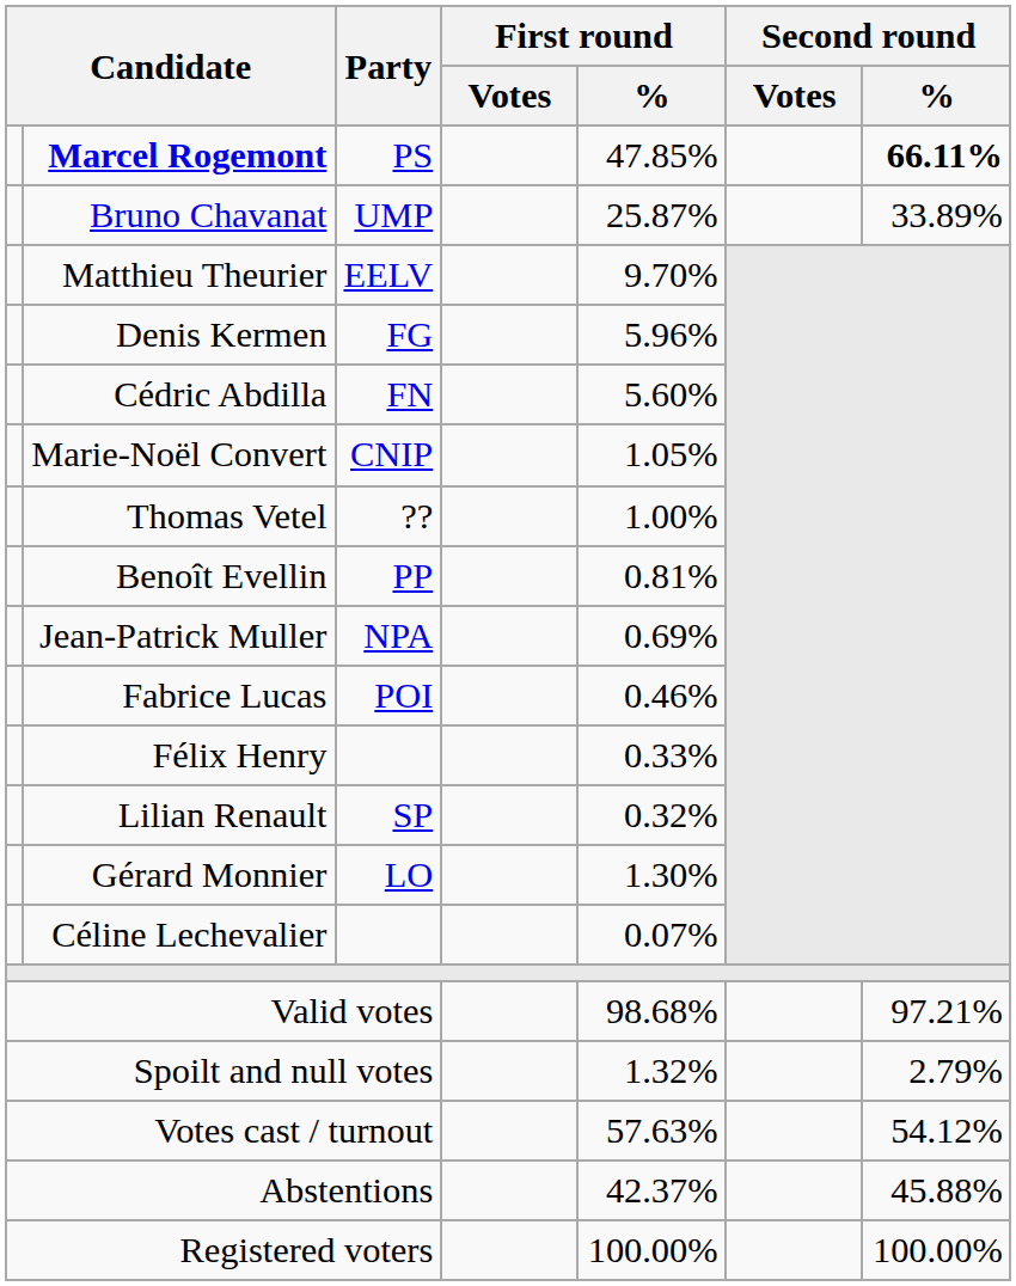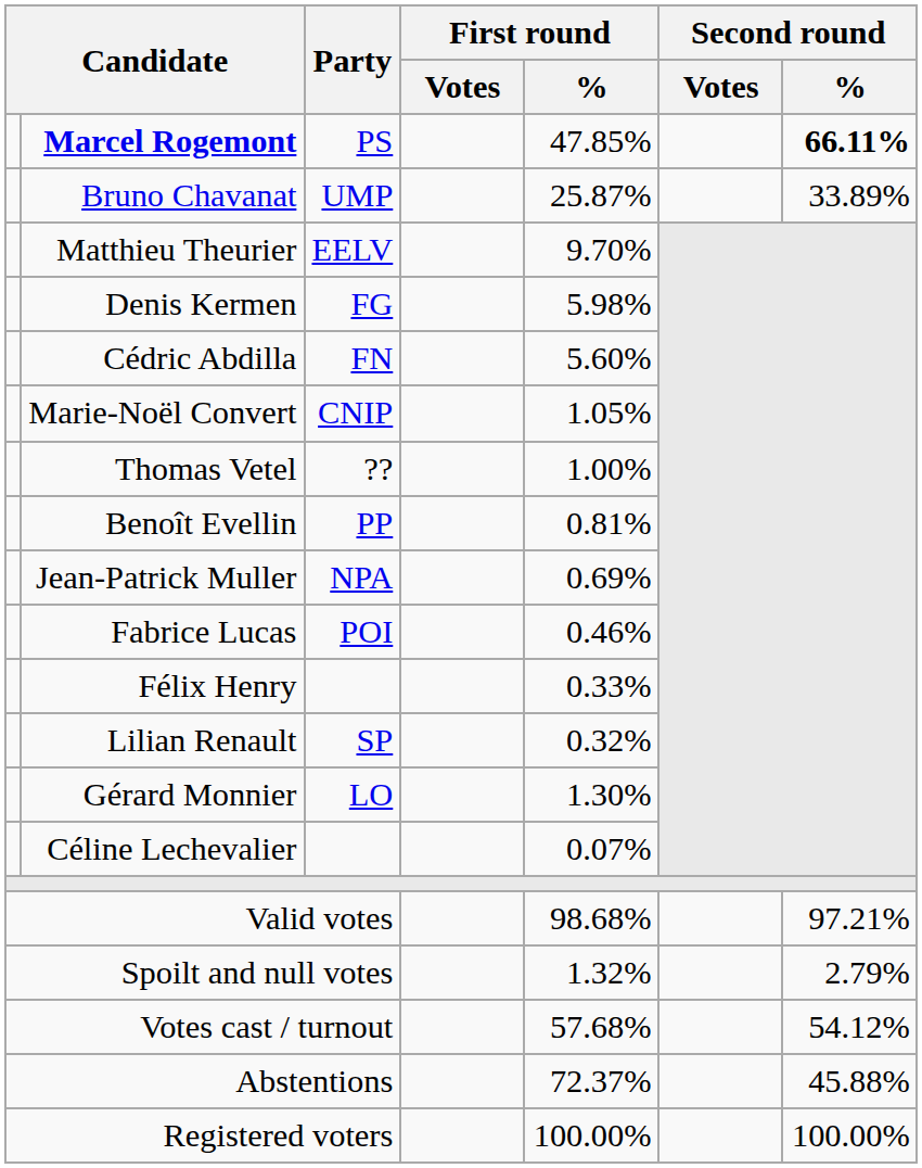 <table class="wikitable" style="text-align:right;font-size:95%;">
 <tr>
 <th rowspan=2 colspan=2>Candidate</th>
 <th rowspan=2 colspan=1>Party</th>
 <th colspan=2>First round</th>
 <th colspan=2>Second round</th>
 </tr>
 <tr>
 <th style="width:50px;">Votes</th>
 <th style="width:55px;">%</th>
 <th style="width:50px;">Votes</th>
 <th style="width:55px;">%</th>
 </tr>
 <tr>
 <td style="color:inherit;background-color:"></td>
 <td><strong><a href='#'>Marcel Rogemont</a></strong></td>
 <td><a href='#'>PS</a></td>
 <td></td>
 <td>47.85%</td>
 <td><strong></strong></td>
 <td><strong>66.11%</strong></td>
 </tr>
 <tr>
 <td style="color:inherit;background-color:"></td>
 <td><a href='#'>Bruno Chavanat</a></td>
 <td><a href='#'>UMP</a></td>
 <td></td>
 <td>25.87%</td>
 <td></td>
 <td>33.89%</td>
 </tr>
 <tr>
 <td style="color:inherit;background-color:"></td>
 <td>Matthieu Theurier</td>
 <td><a href='#'>EELV</a></td>
 <td></td>
 <td>9.70%</td>
 <td colspan=7 rowspan=12 style="background-color:#E9E9E9;"></td>
 </tr>
 <tr>
 <td style="color:inherit;background-color:"></td>
 <td>Denis Kermen</td>
 <td><a href='#'>FG</a></td>
 <td></td>
-<td>5.96%</td>
+<td>5.98%</td>
 </tr>
 <tr>
 <td style="color:inherit;background-color:"></td>
 <td>Cédric Abdilla</td>
 <td><a href='#'>FN</a></td>
 <td></td>
 <td>5.60%</td>
 </tr>
 <tr>
 <td style="color:inherit;background-color:"></td>
 <td>Marie-Noël Convert</td>
 <td><a href='#'>CNIP</a></td>
 <td></td>
 <td>1.05%</td>
 </tr>
 <tr>
 <td style="background-color:;"></td>
 <td>Thomas Vetel</td>
 <td>??</td>
 <td></td>
 <td>1.00%</td>
 </tr>
 <tr>
 <td style="color:inherit;background-color:"></td>
 <td>Benoît Evellin</td>
 <td><a href='#'>PP</a></td>
 <td></td>
 <td>0.81%</td>
 </tr>
 <tr>
 <td style="color:inherit;background-color:"></td>
 <td>Jean-Patrick Muller</td>
 <td><a href='#'>NPA</a></td>
 <td></td>
 <td>0.69%</td>
 </tr>
 <tr>
 <td style="color:inherit;background-color:"></td>
 <td>Fabrice Lucas</td>
 <td><a href='#'>POI</a></td>
 <td></td>
 <td>0.46%</td>
 </tr>
 <tr>
 <td style="background-color:;"></td>
 <td>Félix Henry</td>
 <td></td>
 <td></td>
 <td>0.33%</td>
 </tr>
 <tr>
 <td style="color:inherit;background-color:"></td>
 <td>Lilian Renault</td>
 <td><a href='#'>SP</a></td>
 <td></td>
 <td>0.32%</td>
 </tr>
 <tr>
 <td style="color:inherit;background-color:"></td>
 <td>Gérard Monnier</td>
 <td><a href='#'>LO</a></td>
 <td></td>
 <td>1.30%</td>
 </tr>
 <tr>
 <td style="color:inherit;background-color:"></td>
 <td>Céline Lechevalier</td>
 <td></td>
 <td></td>
 <td>0.07%</td>
 </tr>
 <tr>
 <td colspan=7 style="background-color:#E9E9E9;"></td>
 </tr>
 <tr>
 <td colspan=3>Valid votes</td>
 <td></td>
 <td>98.68%</td>
 <td></td>
 <td>97.21%</td>
 </tr>
 <tr>
 <td colspan=3>Spoilt and null votes</td>
 <td></td>
 <td>1.32%</td>
 <td></td>
 <td>2.79%</td>
 </tr>
 <tr>
 <td colspan=3>Votes cast / turnout</td>
 <td></td>
-<td>57.63%</td>
+<td>57.68%</td>
 <td></td>
 <td>54.12%</td>
 </tr>
 <tr>
 <td colspan=3>Abstentions</td>
 <td></td>
-<td>42.37%</td>
+<td>72.37%</td>
 <td></td>
 <td>45.88%</td>
 </tr>
 <tr>
 <td colspan=3>Registered voters</td>
 <td></td>
 <td>100.00%</td>
 <td></td>
 <td>100.00%</td>
 </tr>
 </table>
